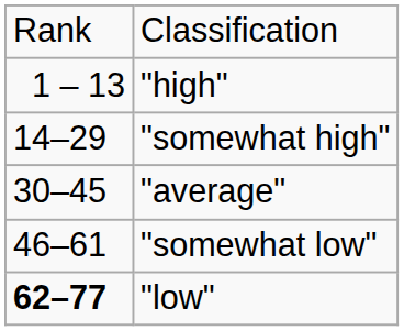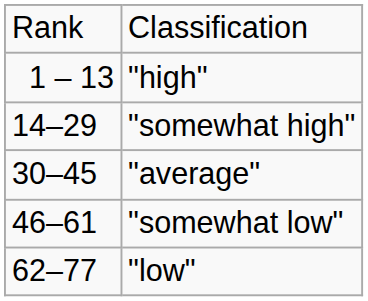 <table class="wikitable" ---valign=top>
 <tr>
 <td>Rank</td>
 <td>Classification</td>
 </tr>
 <tr>
 <td>  1 – 13</td>
 <td>"high"</td>
 </tr>
 <tr>
 <td>14–29</td>
 <td>"somewhat high"</td>
 </tr>
 <tr>
 <td>30–45</td>
 <td>"average"</td>
 </tr>
 <tr>
 <td>46–61</td>
 <td>"somewhat low"</td>
 </tr>
 <tr>
-<td><strong>62–77</strong></td>
+<td>62–77</td>
 <td>"low"</td>
 </tr>
 </table>
